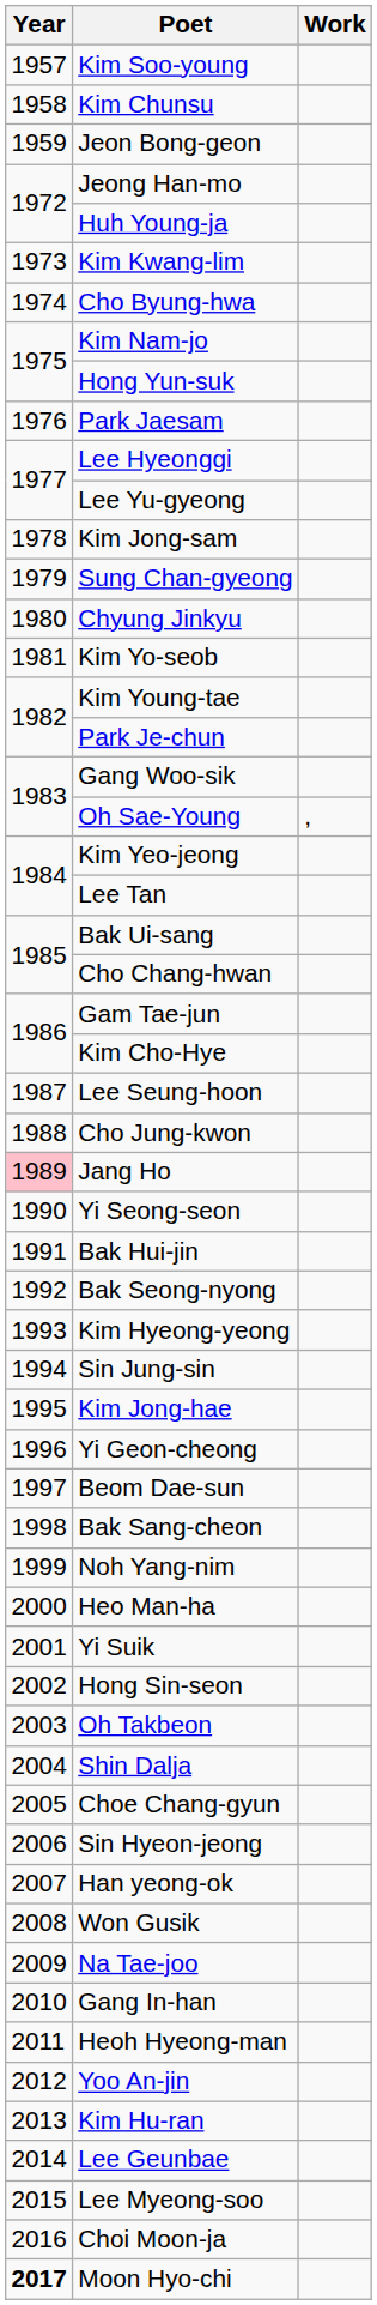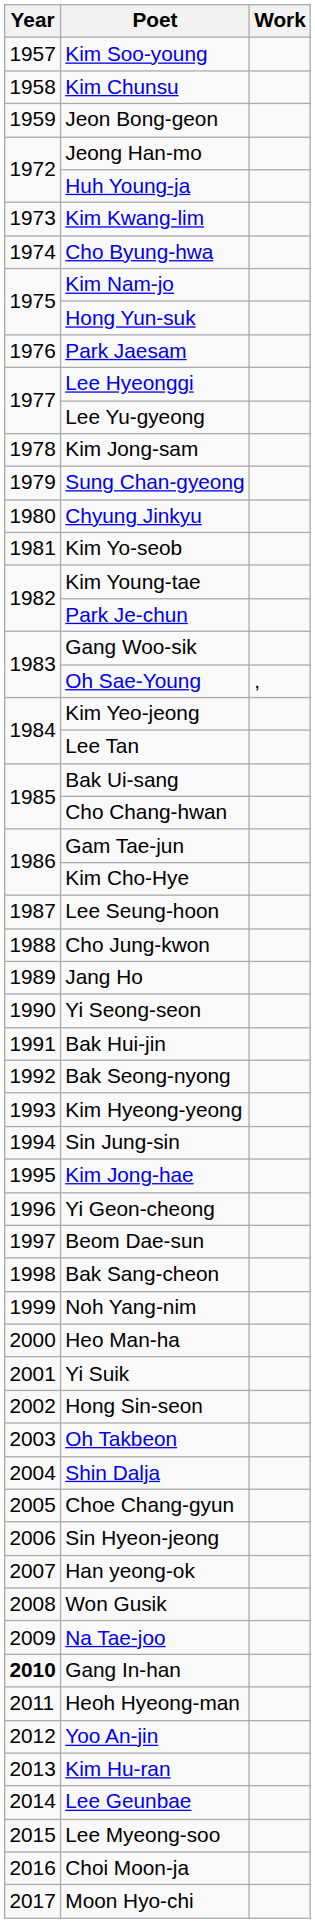 <table class="wikitable">
 <tr>
 <th>Year</th>
 <th>Poet</th>
 <th>Work</th>
 </tr>
 <tr>
 <td>1957</td>
 <td><a href='#'>Kim Soo-young</a></td>
 <td></td>
 </tr>
 <tr>
 <td>1958</td>
 <td><a href='#'>Kim Chunsu</a></td>
 <td></td>
 </tr>
 <tr>
 <td>1959</td>
 <td>Jeon Bong-geon</td>
 <td></td>
 </tr>
 <tr>
 <td rowspan="2">1972</td>
 <td>Jeong Han-mo</td>
 <td></td>
 </tr>
 <tr>
 <td><a href='#'>Huh Young-ja</a></td>
 <td></td>
 </tr>
 <tr>
 <td>1973</td>
 <td><a href='#'>Kim Kwang-lim</a></td>
 <td></td>
 </tr>
 <tr>
 <td>1974</td>
 <td><a href='#'>Cho Byung-hwa</a></td>
 <td></td>
 </tr>
 <tr>
 <td rowspan="2">1975</td>
 <td><a href='#'>Kim Nam-jo</a></td>
 <td></td>
 </tr>
 <tr>
 <td><a href='#'>Hong Yun-suk</a></td>
 <td></td>
 </tr>
 <tr>
 <td>1976</td>
 <td><a href='#'>Park Jaesam</a></td>
 <td></td>
 </tr>
 <tr>
 <td rowspan="2">1977</td>
 <td><a href='#'>Lee Hyeonggi</a></td>
 <td></td>
 </tr>
 <tr>
 <td>Lee Yu-gyeong</td>
 <td></td>
 </tr>
 <tr>
 <td>1978</td>
 <td>Kim Jong-sam</td>
 <td></td>
 </tr>
 <tr>
 <td>1979</td>
 <td><a href='#'>Sung Chan-gyeong</a></td>
 <td></td>
 </tr>
 <tr>
 <td>1980</td>
 <td><a href='#'>Chyung Jinkyu</a></td>
 <td></td>
 </tr>
 <tr>
 <td>1981</td>
 <td>Kim Yo-seob</td>
 <td></td>
 </tr>
 <tr>
 <td rowspan="2">1982</td>
 <td>Kim Young-tae</td>
 <td></td>
 </tr>
 <tr>
 <td><a href='#'>Park Je-chun</a></td>
 <td></td>
 </tr>
 <tr>
 <td rowspan="2">1983</td>
 <td>Gang Woo-sik</td>
 <td></td>
 </tr>
 <tr>
 <td><a href='#'>Oh Sae-Young</a></td>
 <td>,</td>
 </tr>
 <tr>
 <td rowspan="2">1984</td>
 <td>Kim Yeo-jeong</td>
 <td></td>
 </tr>
 <tr>
 <td>Lee Tan</td>
 <td></td>
 </tr>
 <tr>
 <td rowspan="2">1985</td>
 <td>Bak Ui-sang</td>
 <td></td>
 </tr>
 <tr>
 <td>Cho Chang-hwan</td>
 <td></td>
 </tr>
 <tr>
 <td rowspan="2">1986</td>
 <td>Gam Tae-jun</td>
 <td></td>
 </tr>
 <tr>
 <td>Kim Cho-Hye</td>
 <td></td>
 </tr>
 <tr>
 <td>1987</td>
 <td>Lee Seung-hoon</td>
 <td></td>
 </tr>
 <tr>
 <td>1988</td>
 <td>Cho Jung-kwon</td>
 <td></td>
 </tr>
 <tr>
-<td style="background: pink;">1989</td>
+<td>1989</td>
 <td>Jang Ho</td>
 <td></td>
 </tr>
 <tr>
 <td>1990</td>
 <td>Yi Seong-seon</td>
 <td></td>
 </tr>
 <tr>
 <td>1991</td>
 <td>Bak Hui-jin</td>
 <td></td>
 </tr>
 <tr>
 <td>1992</td>
 <td>Bak Seong-nyong</td>
 <td></td>
 </tr>
 <tr>
 <td>1993</td>
 <td>Kim Hyeong-yeong</td>
 <td></td>
 </tr>
 <tr>
 <td>1994</td>
 <td>Sin Jung-sin</td>
 <td></td>
 </tr>
 <tr>
 <td>1995</td>
 <td><a href='#'>Kim Jong-hae</a></td>
 <td></td>
 </tr>
 <tr>
 <td>1996</td>
 <td>Yi Geon-cheong</td>
 <td></td>
 </tr>
 <tr>
 <td>1997</td>
 <td>Beom Dae-sun</td>
 <td></td>
 </tr>
 <tr>
 <td>1998</td>
 <td>Bak Sang-cheon</td>
 <td></td>
 </tr>
 <tr>
 <td>1999</td>
 <td>Noh Yang-nim</td>
 <td></td>
 </tr>
 <tr>
 <td>2000</td>
 <td>Heo Man-ha</td>
 <td></td>
 </tr>
 <tr>
 <td>2001</td>
 <td>Yi Suik</td>
 <td></td>
 </tr>
 <tr>
 <td>2002</td>
 <td>Hong Sin-seon</td>
 <td></td>
 </tr>
 <tr>
 <td>2003</td>
 <td><a href='#'>Oh Takbeon</a></td>
 <td></td>
 </tr>
 <tr>
 <td>2004</td>
 <td><a href='#'>Shin Dalja</a></td>
 <td></td>
 </tr>
 <tr>
 <td>2005</td>
 <td>Choe Chang-gyun</td>
 <td></td>
 </tr>
 <tr>
 <td>2006</td>
 <td>Sin Hyeon-jeong</td>
 <td></td>
 </tr>
 <tr>
 <td>2007</td>
 <td>Han yeong-ok</td>
 <td></td>
 </tr>
 <tr>
 <td>2008</td>
 <td>Won Gusik</td>
 <td></td>
 </tr>
 <tr>
 <td>2009</td>
 <td><a href='#'>Na Tae-joo</a></td>
 <td></td>
 </tr>
 <tr>
-<td>2010</td>
+<td><strong>2010</strong></td>
 <td>Gang In-han</td>
 <td></td>
 </tr>
 <tr>
 <td>2011</td>
 <td>Heoh Hyeong-man</td>
 <td></td>
 </tr>
 <tr>
 <td>2012</td>
 <td><a href='#'>Yoo An-jin</a></td>
 <td></td>
 </tr>
 <tr>
 <td>2013</td>
 <td><a href='#'>Kim Hu-ran</a></td>
 <td></td>
 </tr>
 <tr>
 <td>2014</td>
 <td><a href='#'>Lee Geunbae</a></td>
 <td></td>
 </tr>
 <tr>
 <td>2015</td>
 <td>Lee Myeong-soo</td>
 <td></td>
 </tr>
 <tr>
 <td>2016</td>
 <td>Choi Moon-ja</td>
 <td></td>
 </tr>
 <tr>
-<td><strong>2017</strong></td>
+<td>2017</td>
 <td>Moon Hyo-chi</td>
 <td></td>
 </tr>
 </table>
